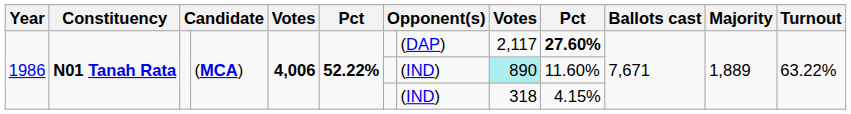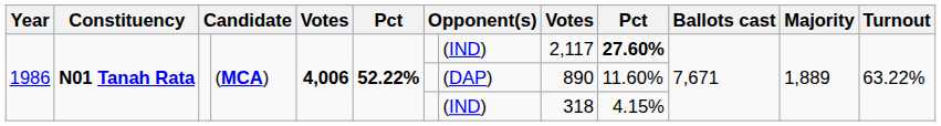 <table class="wikitable" style="margin:0.5em ; font-size:95%">
 <tr>
 <th>Year</th>
 <th>Constituency</th>
 <th colspan=2>Candidate</th>
 <th>Votes</th>
 <th>Pct</th>
 <th colspan=2>Opponent(s)</th>
 <th>Votes</th>
 <th>Pct</th>
 <th>Ballots cast</th>
 <th>Majority</th>
 <th>Turnout</th>
 </tr>
 <tr>
 <td rowspan=3><a href='#'>1986</a></td>
 <td rowspan=3><strong>N01 <a href='#'>Tanah Rata</a></strong></td>
 <td rowspan=3 ></td>
 <td rowspan=3> (<a href='#'><strong>MCA</strong></a>)</td>
 <td rowspan=3 align="right"><strong>4,006</strong></td>
 <td rowspan=3><strong>52.22%</strong></td>
 <td></td>
-<td> (<a href='#'>DAP</a>)</td>
+<td> (<a href='#'>IND</a>)</td>
 <td align="right">2,117</td>
 <td><strong>27.60%</strong></td>
 <td rowspan=3>7,671</td>
 <td rowspan=3>1,889</td>
 <td rowspan=3>63.22%</td>
 </tr>
 <tr>
 <td></td>
-<td> (<a href='#'>IND</a>)</td>
-<td align="right" style="background: paleturquoise;">890</td>
+<td> (<a href='#'>DAP</a>)</td>
+<td align="right">890</td>
 <td>11.60%</td>
 </tr>
 <tr>
 <td></td>
 <td> (<a href='#'>IND</a>)</td>
 <td align="right">318</td>
 <td align="right">4.15%</td>
 </tr>
 </table>
